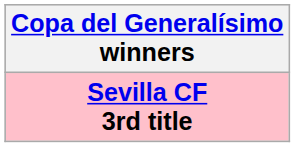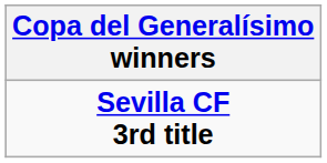 <table class="wikitable" style="text-align: center; margin: 0 auto;">
 <tr>
 <th><a href='#'>Copa del Generalísimo</a><br>winners</th>
 </tr>
 <tr>
-<td style="background: pink;"><strong><a href='#'>Sevilla CF</a></strong><br><strong> 3rd title</strong></td>
+<td><strong><a href='#'>Sevilla CF</a></strong><br><strong> 3rd title</strong></td>
 </tr>
 </table>
